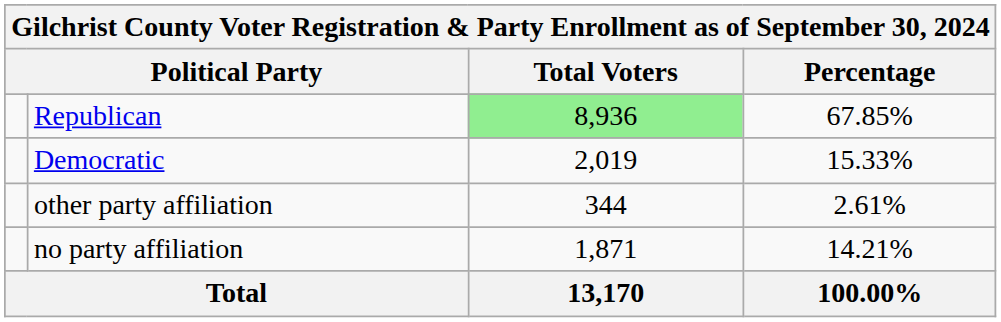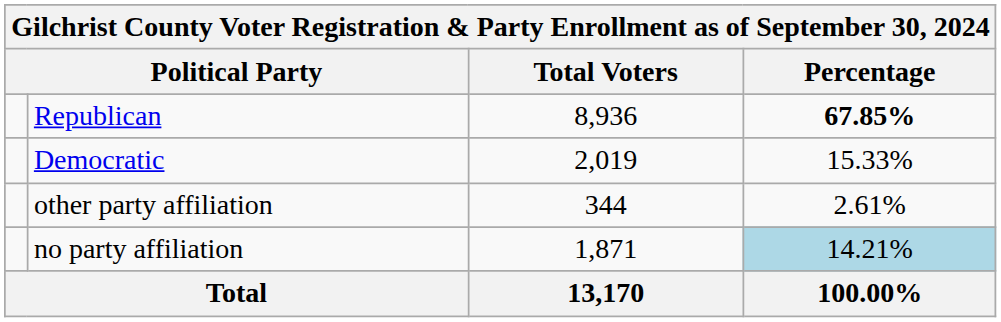 <table class=wikitable>
 <tr>
 <th colspan = 6>Gilchrist County Voter Registration & Party Enrollment as of September 30, 2024</th>
 </tr>
 <tr>
 <th colspan = 2>Political Party</th>
 <th>Total Voters</th>
 <th>Percentage</th>
 </tr>
 <tr>
 <td></td>
 <td><a href='#'>Republican</a></td>
-<td align = center style="background: lightgreen;">8,936</td>
-<td align = center>67.85%</td>
+<td align = center>8,936</td>
+<td align = center><strong>67.85%</strong></td>
 </tr>
 <tr>
 <td></td>
 <td><a href='#'>Democratic</a></td>
 <td align = center>2,019</td>
 <td align = center>15.33%</td>
 </tr>
 <tr>
 <td></td>
 <td>other party affiliation</td>
 <td align = center>344</td>
 <td align = center>2.61%</td>
 </tr>
 <tr>
 <td></td>
 <td>no party affiliation</td>
 <td align = center>1,871</td>
-<td align = center>14.21%</td>
+<td align = center style="background: lightblue;">14.21%</td>
 </tr>
 <tr>
 <th colspan = 2>Total</th>
 <th align = center>13,170</th>
 <th align = center>100.00%</th>
 </tr>
 </table>
